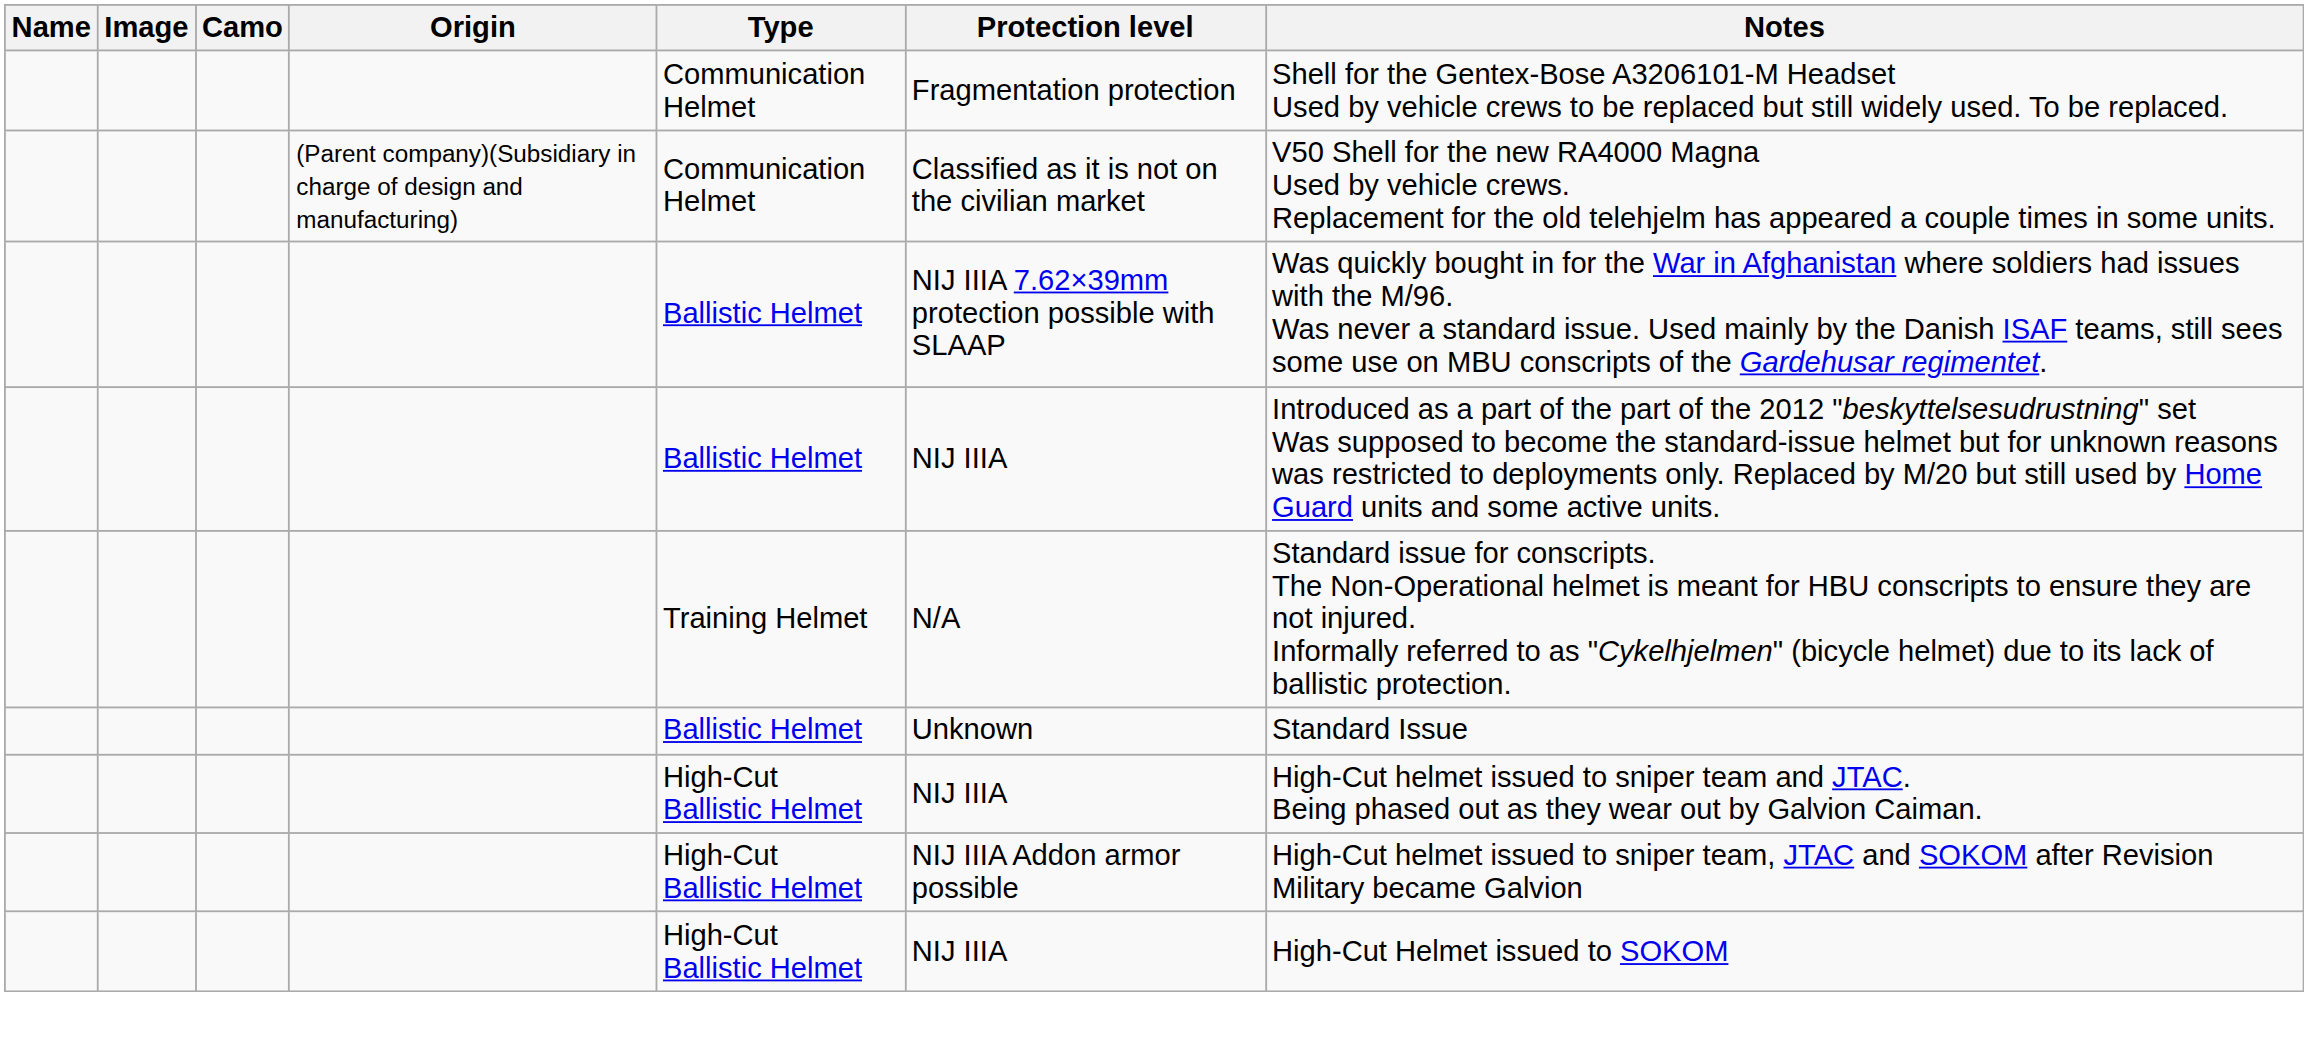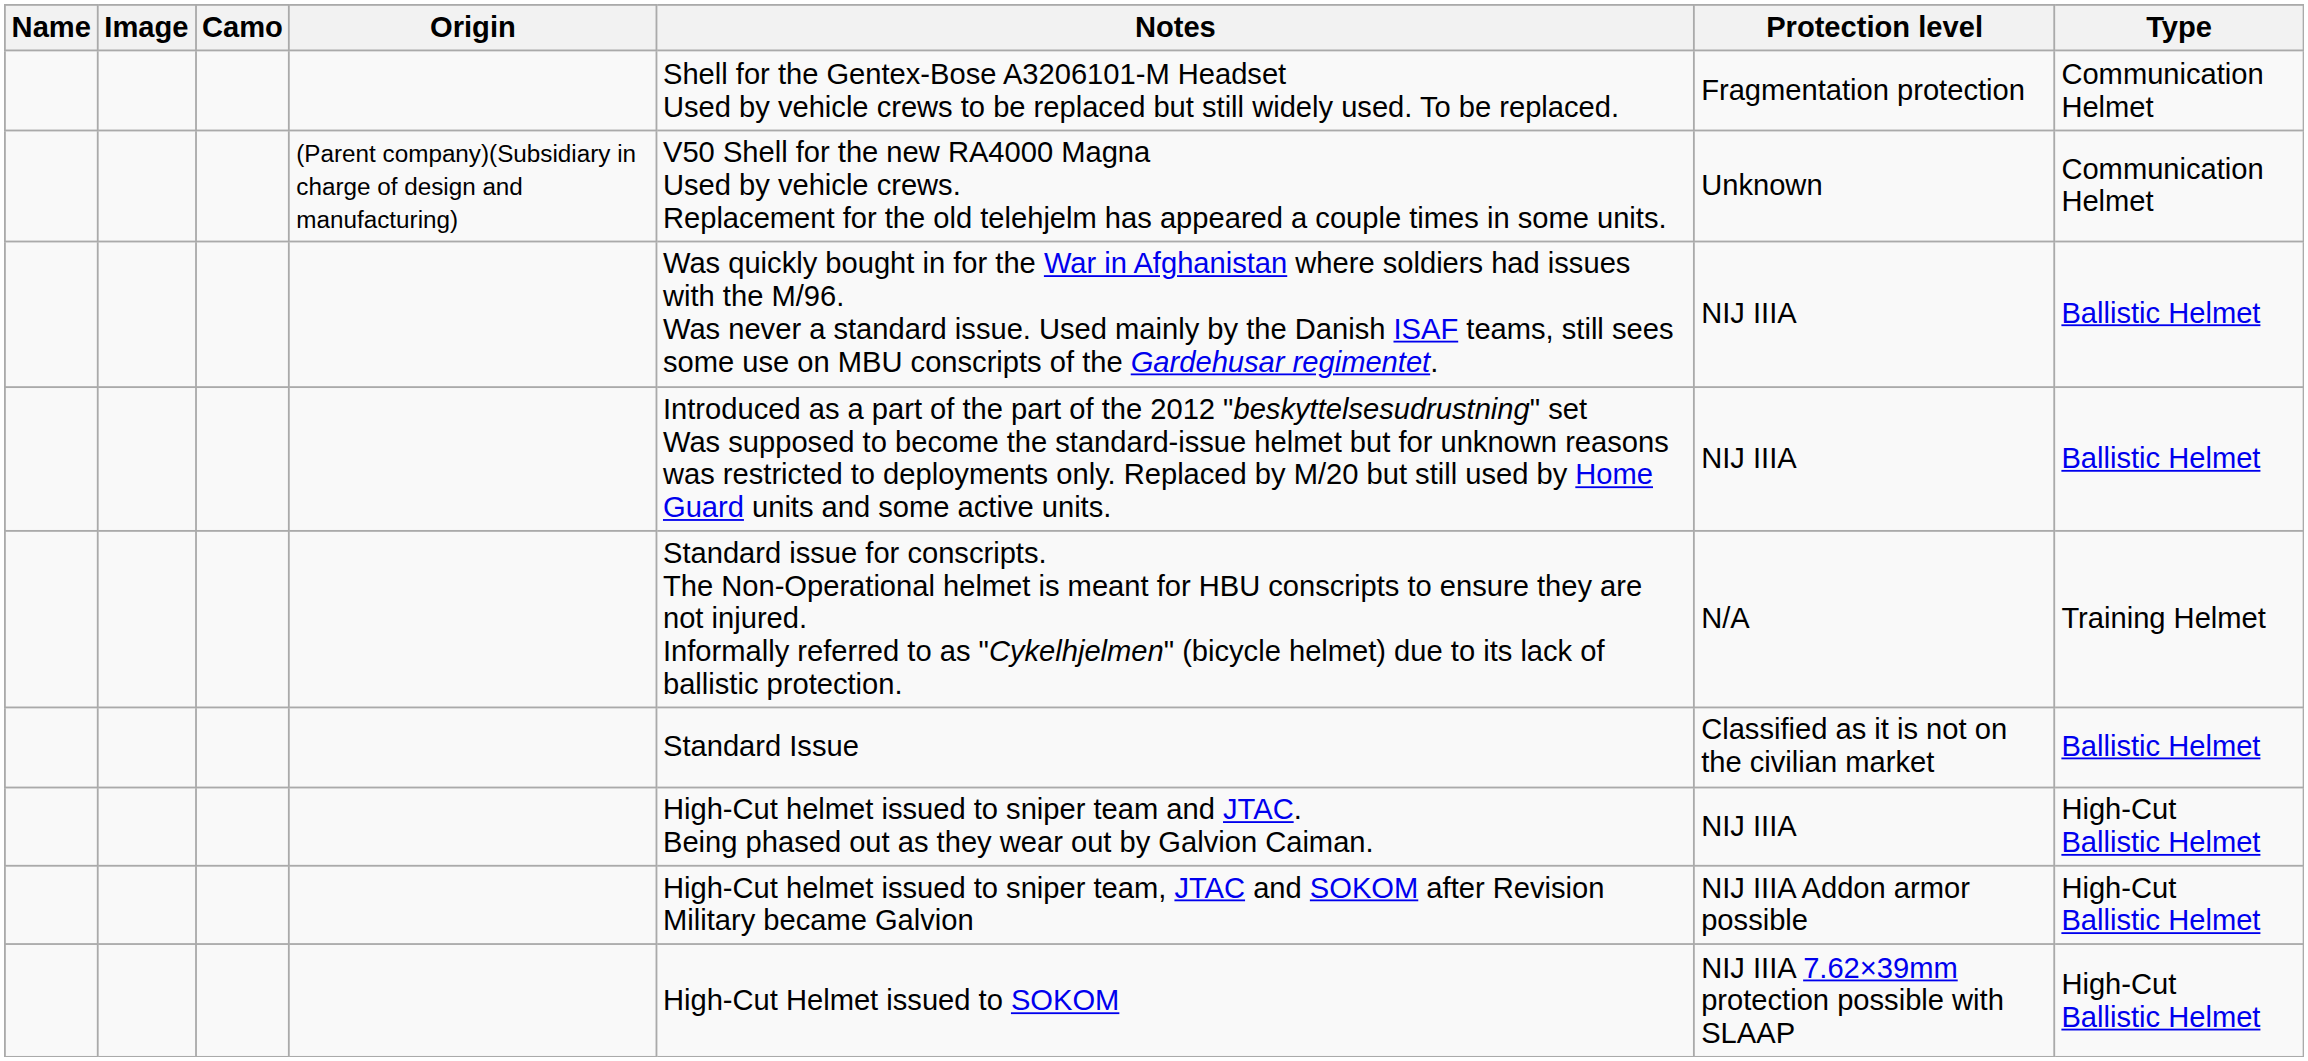 <table class="wikitable" style="width:100%;">
 <tr>
 <th>Name</th>
 <th>Image</th>
 <th>Camo</th>
 <th>Origin</th>
+<th>Notes</th>
+<th>Protection level</th>
 <th>Type</th>
-<th>Protection level</th>
-<th>Notes</th>
 </tr>
 <tr>
 <td></td>
 <td></td>
 <td><br></td>
 <td></td>
+<td>Shell for the Gentex-Bose A3206101-M Headset<br>Used by vehicle crews to be replaced but still widely used. To be replaced.</td>
+<td>Fragmentation protection</td>
 <td>Communication Helmet</td>
-<td>Fragmentation protection</td>
-<td>Shell for the Gentex-Bose A3206101-M Headset<br>Used by vehicle crews to be replaced but still widely used. To be replaced.</td>
 </tr>
 <tr>
 <td></td>
 <td></td>
 <td></td>
 <td><small>(Parent company)</small><small>(Subsidiary in charge of design and manufacturing)</small></td>
+<td>V50 Shell for the new RA4000 Magna<br>Used by vehicle crews.<br>Replacement for the old telehjelm  has appeared a couple times in some units. <strong></strong></td>
+<td>Unknown</td>
 <td>Communication Helmet</td>
-<td>Classified as it is not on the civilian market</td>
-<td>V50 Shell for the new RA4000 Magna<br>Used by vehicle crews.<br>Replacement for the old telehjelm  has appeared a couple times in some units. <strong></strong></td>
 </tr>
 <tr>
 <td></td>
 <td></td>
 <td></td>
 <td></td>
+<td>Was quickly bought in for the <a href='#'>War in Afghanistan</a> where soldiers had issues with the M/96.<br>Was never a standard issue. Used mainly by the Danish <a href='#'>ISAF</a> teams, still sees some use on MBU conscripts of the <a href='#'><em>Gardehusar regimentet</em></a>.</td>
+<td>NIJ IIIA</td>
 <td><a href='#'>Ballistic Helmet</a></td>
-<td>NIJ IIIA <a href='#'>7.62×39mm</a> protection  possible with SLAAP</td>
-<td>Was quickly bought in for the <a href='#'>War in Afghanistan</a> where soldiers had issues with the M/96.<br>Was never a standard issue. Used mainly by the Danish <a href='#'>ISAF</a> teams, still sees some use on MBU conscripts of the <a href='#'><em>Gardehusar regimentet</em></a>.</td>
 </tr>
 <tr>
 <td></td>
 <td></td>
 <td></td>
 <td></td>
+<td>Introduced as a part of the part of the 2012 "<em>beskyttelsesudrustning</em>" set<br>Was supposed to become the standard-issue helmet but for unknown reasons was restricted to deployments only. Replaced by M/20 but still used by <a href='#'>Home Guard</a> units and some active units.</td>
+<td>NIJ IIIA</td>
 <td><a href='#'>Ballistic Helmet</a></td>
-<td>NIJ IIIA</td>
-<td>Introduced as a part of the part of the 2012 "<em>beskyttelsesudrustning</em>" set<br>Was supposed to become the standard-issue helmet but for unknown reasons was restricted to deployments only. Replaced by M/20 but still used by <a href='#'>Home Guard</a> units and some active units.</td>
 </tr>
 <tr>
 <td></td>
 <td></td>
 <td></td>
 <td></td>
+<td>Standard issue for conscripts.<br>The Non-Operational helmet is meant for HBU conscripts to ensure they are not injured.<br>Informally referred to as "<em>Cykelhjelmen</em>" (bicycle helmet) due to its lack of ballistic protection.</td>
+<td>N/A</td>
 <td>Training Helmet</td>
-<td>N/A</td>
-<td>Standard issue for conscripts.<br>The Non-Operational helmet is meant for HBU conscripts to ensure they are not injured.<br>Informally referred to as "<em>Cykelhjelmen</em>" (bicycle helmet) due to its lack of ballistic protection.</td>
 </tr>
 <tr>
 <td></td>
 <td></td>
 <td></td>
 <td></td>
+<td>Standard Issue</td>
+<td>Classified as it is not on the civilian market</td>
 <td><a href='#'>Ballistic Helmet</a></td>
-<td>Unknown</td>
-<td>Standard Issue</td>
 </tr>
 <tr>
 <td></td>
 <td></td>
 <td></td>
 <td></td>
+<td>High-Cut helmet issued to sniper team and <a href='#'>JTAC</a>.<br>Being phased out as they wear out by Galvion Caiman.</td>
+<td>NIJ IIIA</td>
 <td>High-Cut<br><a href='#'>Ballistic Helmet</a></td>
-<td>NIJ IIIA</td>
-<td>High-Cut helmet issued to sniper team and <a href='#'>JTAC</a>.<br>Being phased out as they wear out by Galvion Caiman.</td>
 </tr>
 <tr>
 <td></td>
 <td></td>
 <td></td>
 <td></td>
+<td>High-Cut helmet issued to sniper team, <a href='#'>JTAC</a> and <a href='#'>SOKOM</a> after Revision Military became Galvion</td>
+<td>NIJ IIIA Addon armor possible</td>
 <td>High-Cut<br><a href='#'>Ballistic Helmet</a></td>
-<td>NIJ IIIA Addon armor possible</td>
-<td>High-Cut helmet issued to sniper team, <a href='#'>JTAC</a> and <a href='#'>SOKOM</a> after Revision Military became Galvion</td>
 </tr>
 <tr>
 <td></td>
 <td></td>
 <td></td>
 <td></td>
+<td>High-Cut Helmet issued to <a href='#'>SOKOM</a></td>
+<td>NIJ IIIA <a href='#'>7.62×39mm</a> protection  possible with SLAAP</td>
 <td>High-Cut<br><a href='#'>Ballistic Helmet</a></td>
-<td>NIJ IIIA</td>
-<td>High-Cut Helmet issued to <a href='#'>SOKOM</a></td>
 </tr>
 </table>
